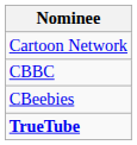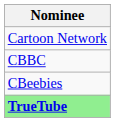 <table class="wikitable">
 <tr>
 <th>Nominee</th>
 </tr>
 <tr>
 <td><a href='#'>Cartoon Network</a></td>
 </tr>
 <tr>
 <td><a href='#'>CBBC</a></td>
 </tr>
 <tr>
 <td><a href='#'>CBeebies</a></td>
 </tr>
 <tr>
-<td><strong><a href='#'>TrueTube</a></strong></td>
+<td style="background: lightgreen;"><strong><a href='#'>TrueTube</a></strong></td>
 </tr>
 </table>
